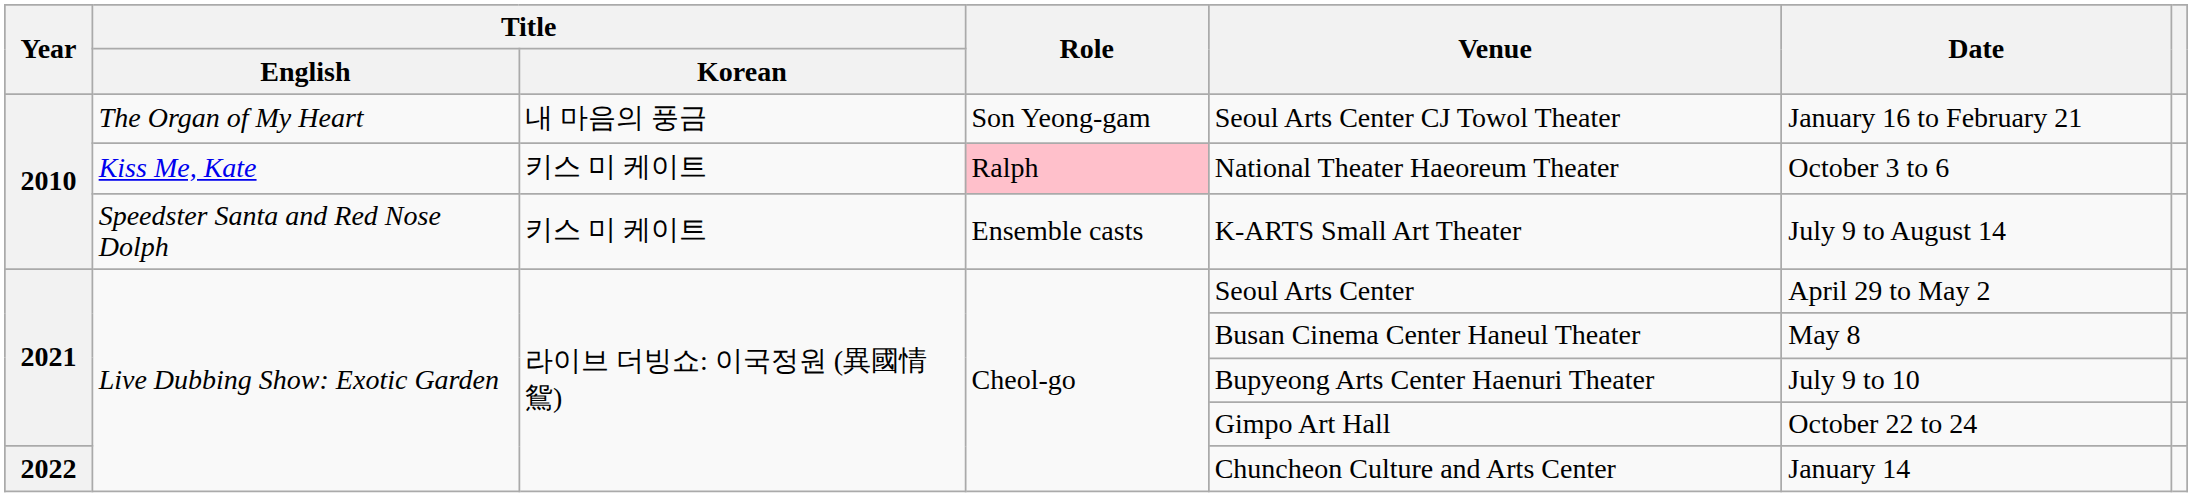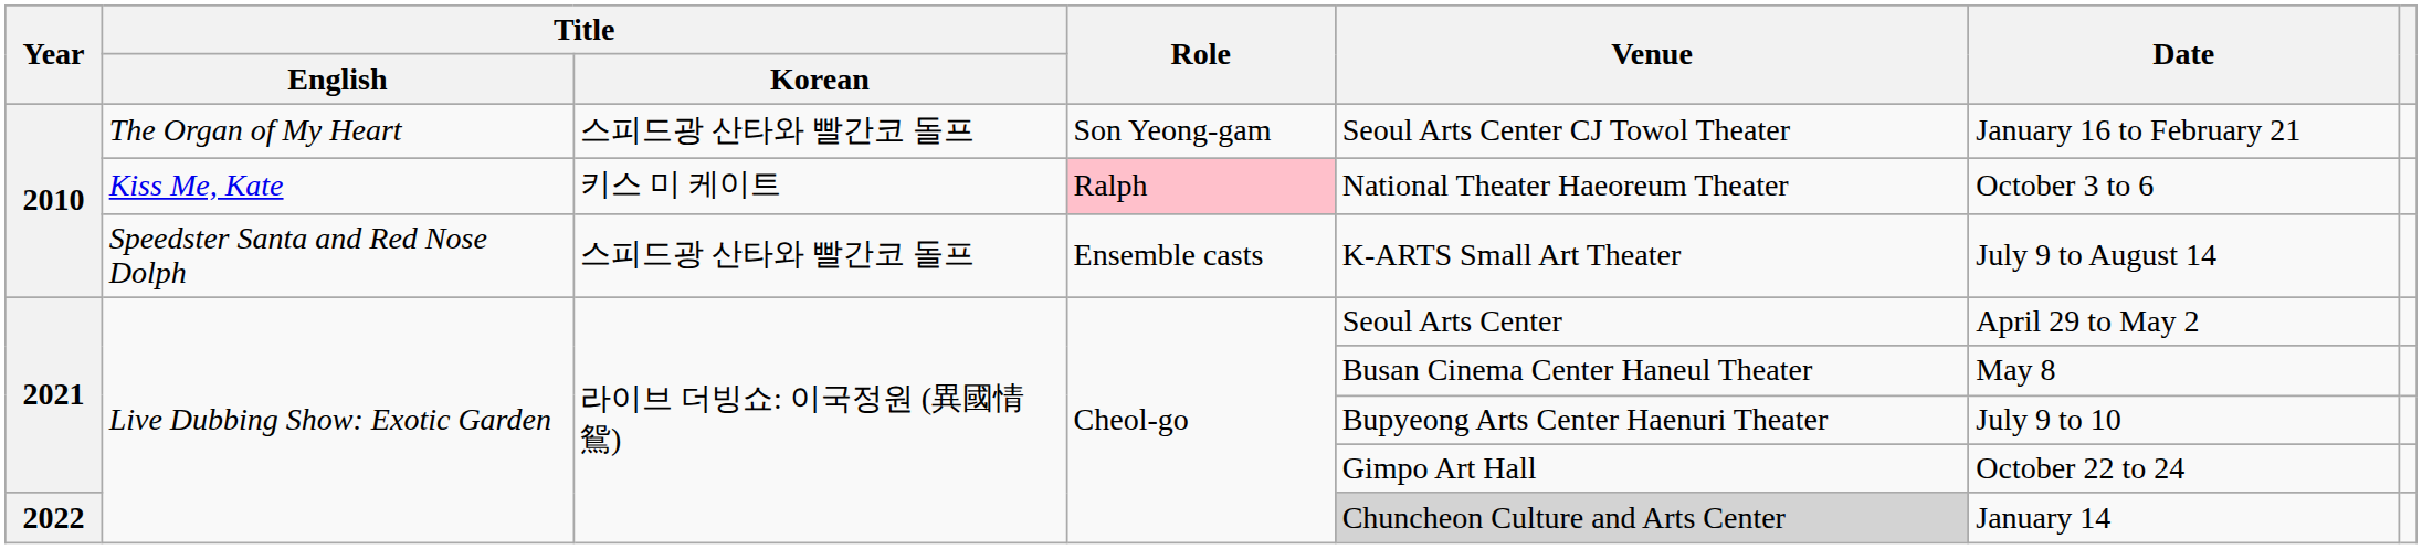 <table class="wikitable sortable plainrowheaders" style="text-align:left; font-size:100%;">
 <tr>
 <th scope="col" rowspan="2">Year</th>
 <th scope="col" colspan="2" width="40%">Title</th>
 <th scope="col" rowspan="2">Role</th>
 <th scope="col" rowspan="2" class="unsortable">Venue</th>
 <th scope="col" rowspan="2">Date</th>
 <th rowspan="2" scope="col" class="unsortable"></th>
 </tr>
 <tr>
 <th>English</th>
 <th>Korean</th>
 </tr>
 <tr>
 <th rowspan="3" scope="row">2010</th>
 <td><em>The Organ of My Heart</em></td>
-<td>내 마음의 풍금</td>
+<td>스피드광 산타와 빨간코 돌프</td>
 <td>Son Yeong-gam</td>
 <td>Seoul Arts Center CJ Towol Theater</td>
 <td>January 16 to February 21</td>
 <td></td>
 </tr>
 <tr>
 <td><em><a href='#'>Kiss Me, Kate</a></em></td>
 <td>키스 미 케이트</td>
 <td style="background: pink;">Ralph</td>
 <td>National Theater Haeoreum Theater</td>
 <td>October 3 to 6</td>
 <td></td>
 </tr>
 <tr>
 <td><em>Speedster Santa and Red Nose Dolph</em></td>
-<td>키스 미 케이트</td>
+<td>스피드광 산타와 빨간코 돌프</td>
 <td>Ensemble casts</td>
 <td>K-ARTS Small Art Theater</td>
 <td>July 9 to August 14</td>
 <td></td>
 </tr>
 <tr>
 <th rowspan="4" scope="row">2021</th>
 <td rowspan="5"><em>Live Dubbing Show: Exotic Garden</em></td>
 <td rowspan="5">라이브 더빙쇼: 이국정원 (異國情鴛)</td>
 <td rowspan="5">Cheol-go</td>
 <td>Seoul Arts Center</td>
 <td>April 29 to May 2</td>
 <td></td>
 </tr>
 <tr>
 <td>Busan Cinema Center Haneul Theater</td>
 <td>May 8</td>
 <td></td>
 </tr>
 <tr>
 <td>Bupyeong Arts Center Haenuri Theater</td>
 <td>July 9 to 10</td>
 <td></td>
 </tr>
 <tr>
 <td>Gimpo Art Hall</td>
 <td>October 22 to 24</td>
 <td></td>
 </tr>
 <tr>
 <th scope="row">2022</th>
-<td>Chuncheon Culture and Arts Center</td>
+<td style="background: lightgrey;">Chuncheon Culture and Arts Center</td>
 <td>January  14</td>
 <td></td>
 </tr>
 </table>
